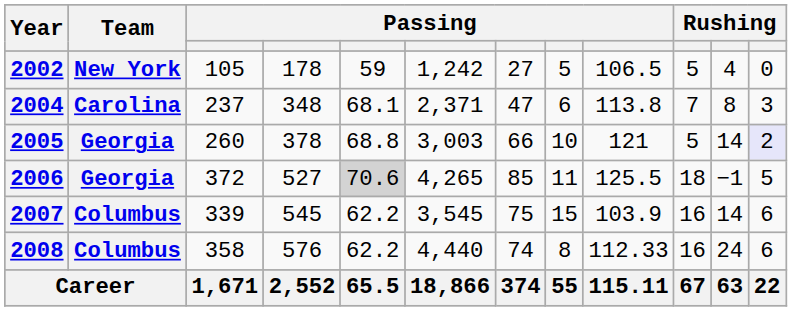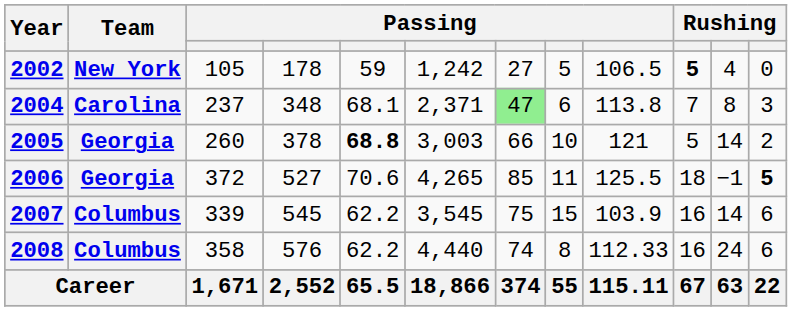 <table class="wikitable" style="text-align:center;">
 <tr>
 <th rowspan="2">Year</th>
 <th rowspan="2">Team</th>
 <th colspan="7">Passing</th>
 <th colspan="3">Rushing</th>
 </tr>
 <tr>
 <th></th>
 <th></th>
 <th></th>
 <th></th>
 <th></th>
 <th></th>
 <th></th>
 <th></th>
 <th></th>
 <th></th>
 </tr>
 <tr>
 <th><a href='#'>2002</a></th>
 <th><a href='#'>New York</a></th>
 <td>105</td>
 <td>178</td>
 <td>59</td>
 <td>1,242</td>
 <td>27</td>
 <td>5</td>
 <td>106.5</td>
-<td>5</td>
+<td><strong>5</strong></td>
 <td>4</td>
 <td>0</td>
 </tr>
 <tr>
 <th><a href='#'>2004</a></th>
 <th><a href='#'>Carolina</a></th>
 <td>237</td>
 <td>348</td>
 <td>68.1</td>
 <td>2,371</td>
-<td>47</td>
+<td style="background: lightgreen;">47</td>
 <td>6</td>
 <td>113.8</td>
 <td>7</td>
 <td>8</td>
 <td>3</td>
 </tr>
 <tr>
 <th><a href='#'>2005</a></th>
 <th><a href='#'>Georgia</a></th>
 <td>260</td>
 <td>378</td>
-<td>68.8</td>
+<td><strong>68.8</strong></td>
 <td>3,003</td>
 <td>66</td>
 <td>10</td>
 <td>121</td>
 <td>5</td>
 <td>14</td>
-<td style="background: lavender;">2</td>
+<td>2</td>
 </tr>
 <tr>
 <th><a href='#'>2006</a></th>
 <th><a href='#'>Georgia</a></th>
 <td>372</td>
 <td>527</td>
-<td style="background: lightgrey;">70.6</td>
+<td>70.6</td>
 <td>4,265</td>
 <td>85</td>
 <td>11</td>
 <td>125.5</td>
 <td>18</td>
 <td>−1</td>
-<td>5</td>
+<td><strong>5</strong></td>
 </tr>
 <tr>
 <th><a href='#'>2007</a></th>
 <th><a href='#'>Columbus</a></th>
 <td>339</td>
 <td>545</td>
 <td>62.2</td>
 <td>3,545</td>
 <td>75</td>
 <td>15</td>
 <td>103.9</td>
 <td>16</td>
 <td>14</td>
 <td>6</td>
 </tr>
 <tr>
 <th><a href='#'>2008</a></th>
 <th><a href='#'>Columbus</a></th>
 <td>358</td>
 <td>576</td>
 <td>62.2</td>
 <td>4,440</td>
 <td>74</td>
 <td>8</td>
 <td>112.33</td>
 <td>16</td>
 <td>24</td>
 <td>6</td>
 </tr>
 <tr>
 <th colspan="2">Career</th>
 <th>1,671</th>
 <th>2,552</th>
 <th>65.5</th>
 <th>18,866</th>
 <th>374</th>
 <th>55</th>
 <th>115.11</th>
 <th>67</th>
 <th>63</th>
 <th>22</th>
 </tr>
 </table>
